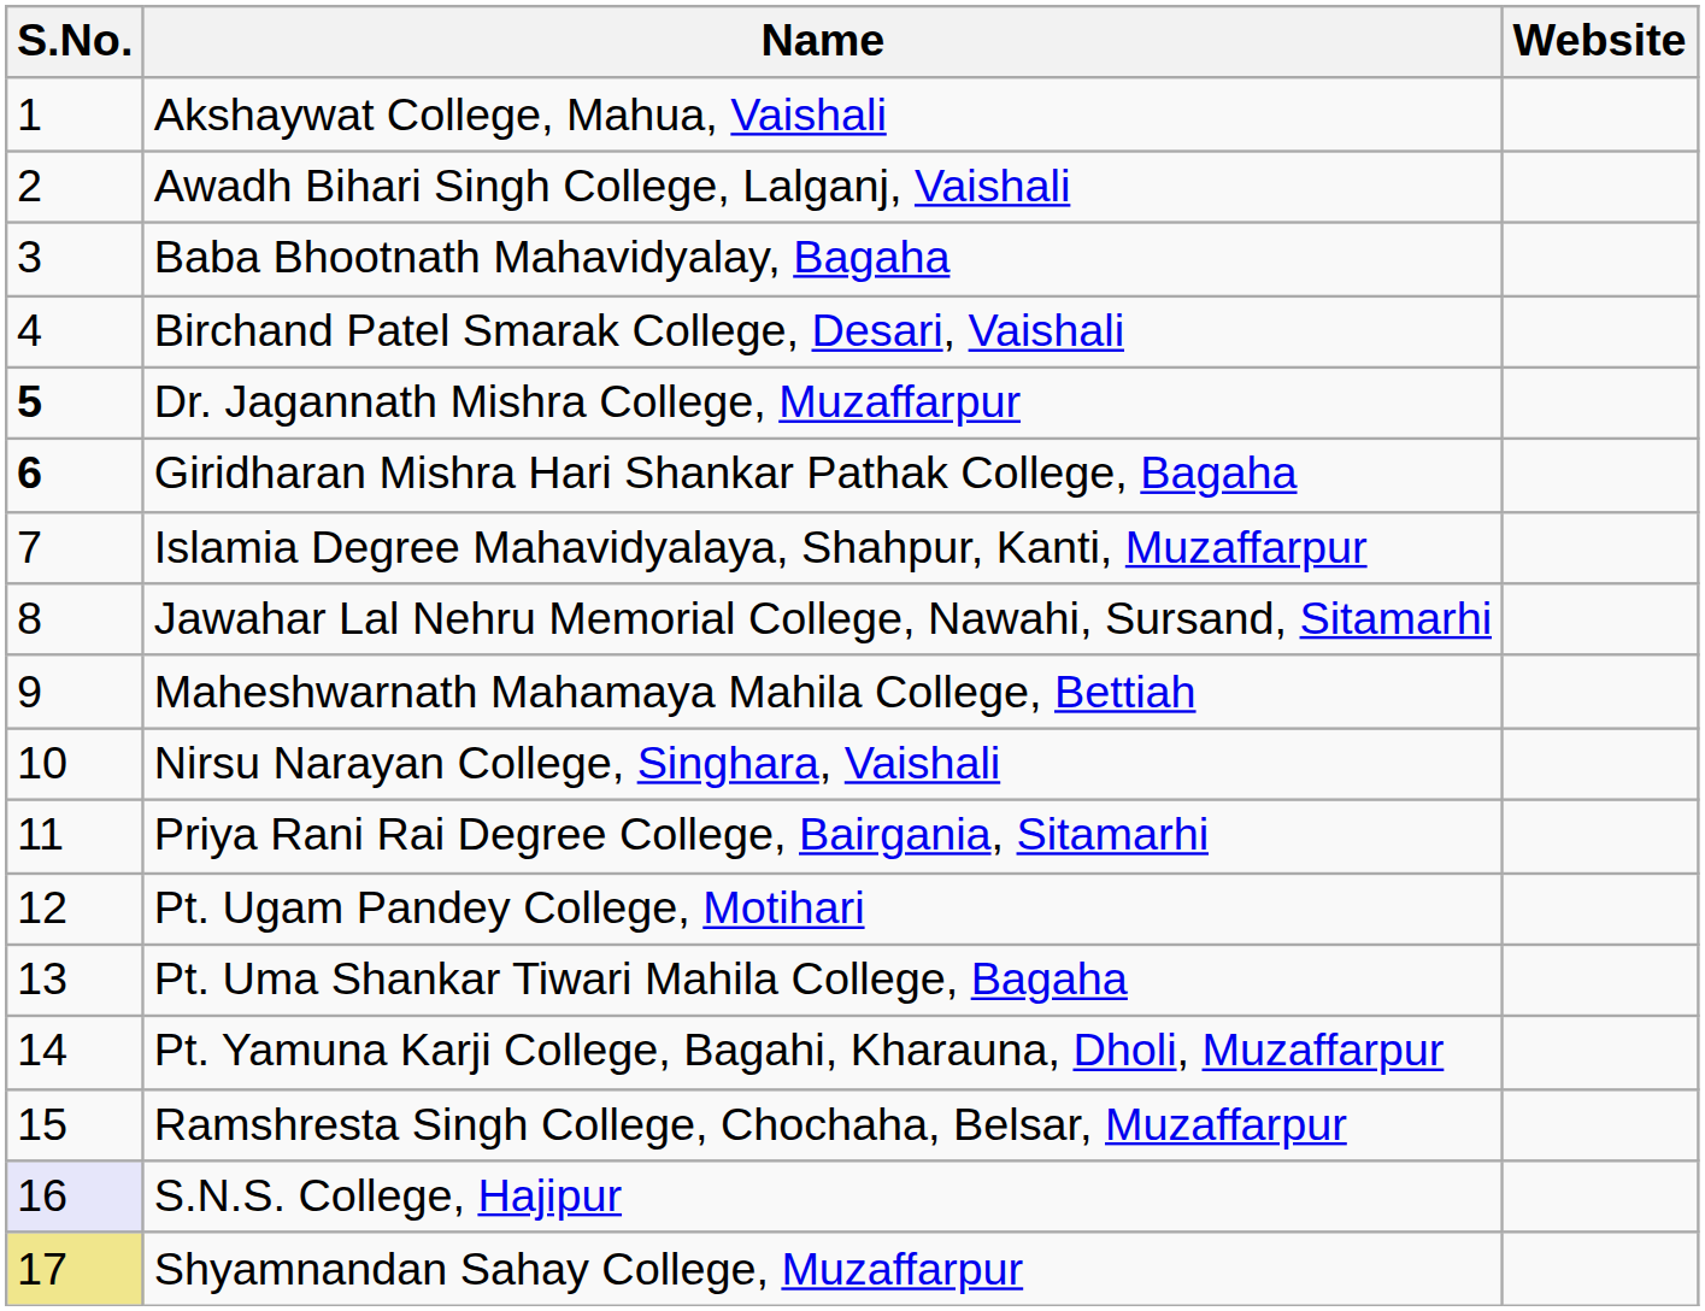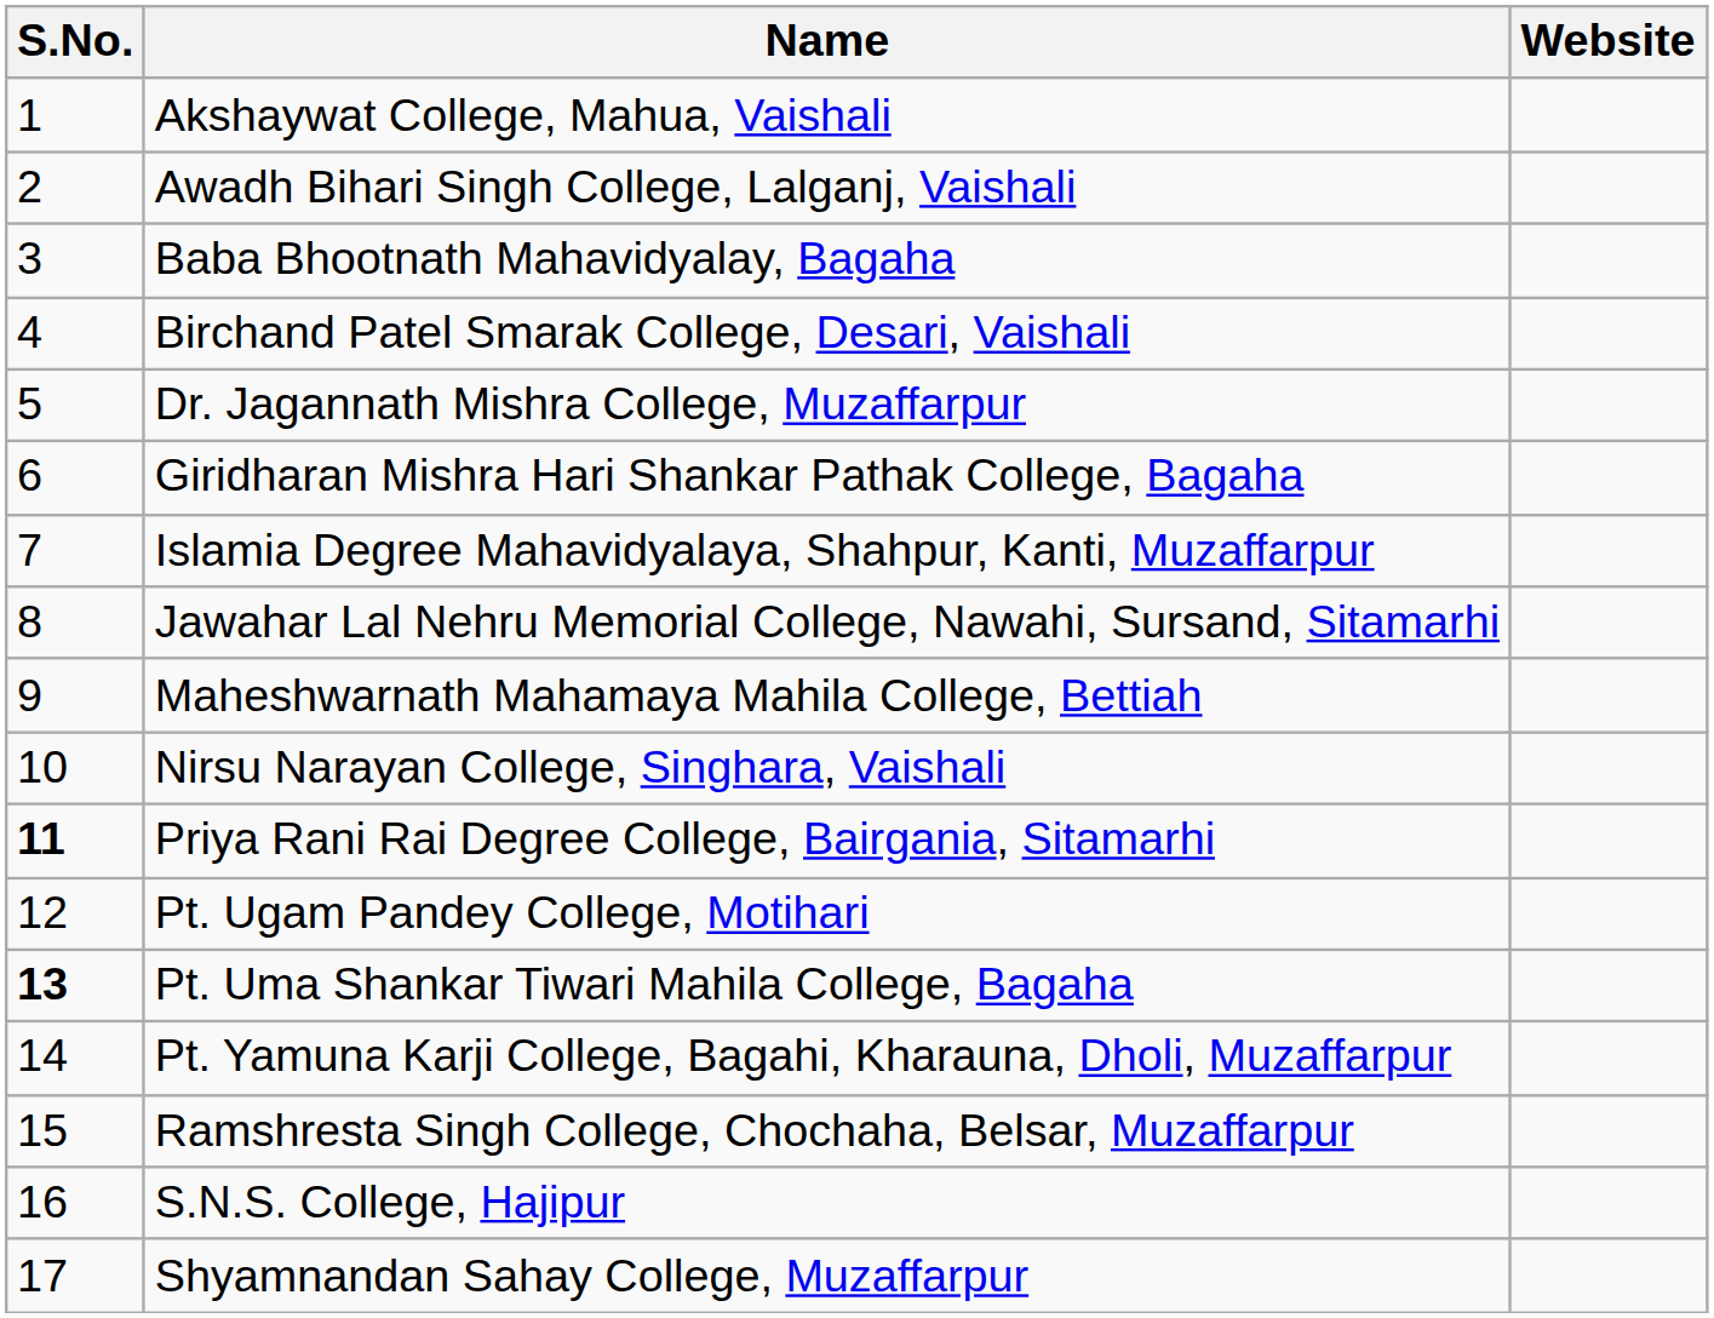 <table class="wikitable sortable">
 <tr>
 <th>S.No.</th>
 <th>Name</th>
 <th>Website</th>
 </tr>
 <tr>
 <td>1</td>
 <td>Akshaywat College, Mahua, <a href='#'>Vaishali</a></td>
 <td></td>
 </tr>
 <tr>
 <td>2</td>
 <td>Awadh Bihari Singh College, Lalganj, <a href='#'>Vaishali</a></td>
 <td></td>
 </tr>
 <tr>
 <td>3</td>
 <td>Baba Bhootnath Mahavidyalay, <a href='#'>Bagaha</a></td>
 <td></td>
 </tr>
 <tr>
 <td>4</td>
 <td>Birchand Patel Smarak College, <a href='#'>Desari</a>, <a href='#'>Vaishali</a></td>
 <td></td>
 </tr>
 <tr>
-<td><strong>5</strong></td>
+<td>5</td>
 <td>Dr. Jagannath Mishra College, <a href='#'>Muzaffarpur</a></td>
 <td></td>
 </tr>
 <tr>
-<td><strong>6</strong></td>
+<td>6</td>
 <td>Giridharan Mishra Hari Shankar Pathak College, <a href='#'>Bagaha</a></td>
 <td></td>
 </tr>
 <tr>
 <td>7</td>
 <td>Islamia Degree Mahavidyalaya, Shahpur, Kanti, <a href='#'>Muzaffarpur</a></td>
 <td></td>
 </tr>
 <tr>
 <td>8</td>
 <td>Jawahar Lal Nehru Memorial College, Nawahi, Sursand, <a href='#'>Sitamarhi</a></td>
 </tr>
 <tr>
 <td>9</td>
 <td>Maheshwarnath Mahamaya Mahila College, <a href='#'>Bettiah</a></td>
 <td></td>
 </tr>
 <tr>
 <td>10</td>
 <td>Nirsu Narayan College, <a href='#'>Singhara</a>, <a href='#'>Vaishali</a></td>
 <td></td>
 </tr>
 <tr>
-<td>11</td>
+<td><strong>11</strong></td>
 <td>Priya Rani Rai Degree College, <a href='#'>Bairgania</a>, <a href='#'>Sitamarhi</a></td>
 <td></td>
 </tr>
 <tr>
 <td>12</td>
 <td>Pt. Ugam Pandey College, <a href='#'>Motihari</a></td>
 <td></td>
 </tr>
 <tr>
-<td>13</td>
+<td><strong>13</strong></td>
 <td>Pt. Uma Shankar Tiwari Mahila College, <a href='#'>Bagaha</a></td>
 <td></td>
 </tr>
 <tr>
 <td>14</td>
 <td>Pt. Yamuna Karji College, Bagahi, Kharauna, <a href='#'>Dholi</a>, <a href='#'>Muzaffarpur</a></td>
 <td></td>
 </tr>
 <tr>
 <td>15</td>
 <td>Ramshresta Singh College, Chochaha, Belsar, <a href='#'>Muzaffarpur</a></td>
 <td></td>
 </tr>
 <tr>
-<td style="background: lavender;">16</td>
+<td>16</td>
 <td>S.N.S. College, <a href='#'>Hajipur</a></td>
 <td></td>
 </tr>
 <tr>
-<td style="background: khaki;">17</td>
+<td>17</td>
 <td>Shyamnandan Sahay College, <a href='#'>Muzaffarpur</a></td>
 <td></td>
 </tr>
 </table>
